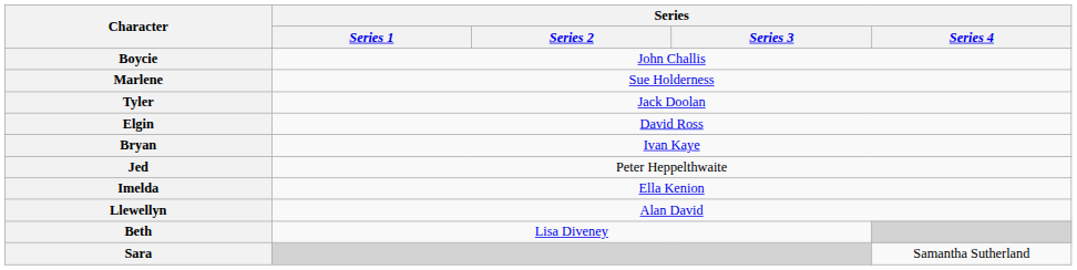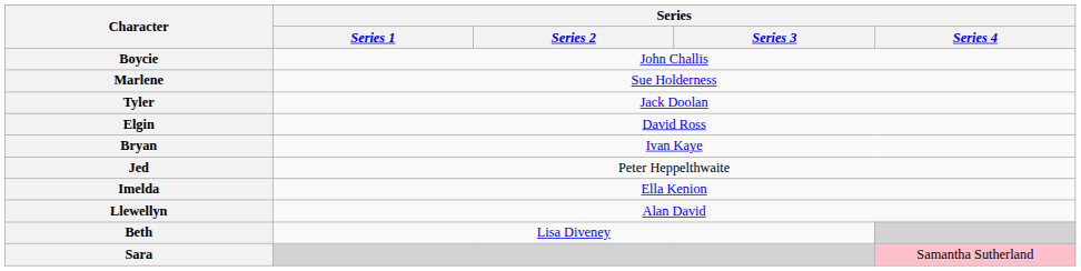 <table class="wikitable" border="1" style="text-align:center; width:99%;">
 <tr>
 <th rowspan="2" width="20%">Character</th>
 <th colspan="10">Series</th>
 </tr>
 <tr>
 <th width="15%"><em><a href='#'>Series 1</a></em></th>
 <th width="15%"><em><a href='#'>Series 2</a></em></th>
 <th width="15%"><em><a href='#'>Series 3</a></em></th>
 <th width="15%"><em><a href='#'>Series 4</a></em></th>
 </tr>
 <tr>
 <th>Boycie</th>
 <td colspan="4"><a href='#'>John Challis</a></td>
 </tr>
 <tr>
 <th>Marlene</th>
 <td colspan="4"><a href='#'>Sue Holderness</a></td>
 </tr>
 <tr>
 <th>Tyler</th>
 <td colspan="4"><a href='#'>Jack Doolan</a></td>
 </tr>
 <tr>
 <th>Elgin</th>
 <td colspan="4"><a href='#'>David Ross</a></td>
 </tr>
 <tr>
 <th>Bryan</th>
 <td colspan="4"><a href='#'>Ivan Kaye</a></td>
 </tr>
 <tr>
 <th>Jed</th>
 <td colspan="4">Peter Heppelthwaite</td>
 </tr>
 <tr>
 <th>Imelda</th>
 <td colspan="4"><a href='#'>Ella Kenion</a></td>
 </tr>
 <tr>
 <th>Llewellyn</th>
 <td colspan="4"><a href='#'>Alan David</a></td>
 </tr>
 <tr>
 <th>Beth</th>
 <td colspan="3"><a href='#'>Lisa Diveney</a></td>
 <td style="background:lightgrey;"> </td>
 </tr>
 <tr>
 <th>Sara</th>
 <td colspan="3" style="background:lightgrey;"> </td>
-<td>Samantha Sutherland</td>
+<td style="background: pink;">Samantha Sutherland</td>
 </tr>
 </table>
